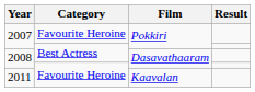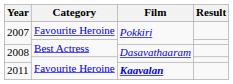 <table class="wikitable sortable">
 <tr>
 <th>Year</th>
 <th>Category</th>
 <th>Film</th>
 <th>Result</th>
 </tr>
 <tr>
 <td rowspan="2">2007</td>
 <td><a href='#'>Favourite Heroine</a></td>
 <td rowspan="2"><em><a href='#'>Pokkiri</a></em></td>
 <td></td>
 </tr>
 <tr>
 <td rowspan="2"><a href='#'>Best Actress</a></td>
 <td></td>
 </tr>
 <tr>
 <td rowspan="2">2008</td>
 <td rowspan="2"><em><a href='#'>Dasavathaaram</a></em></td>
 <td></td>
 </tr>
 <tr>
 <td rowspan="2"><a href='#'>Favourite Heroine</a></td>
 <td></td>
 </tr>
 <tr>
 <td>2011</td>
-<td><em><a href='#'>Kaavalan</a></em></td>
+<td><strong><em><a href='#'>Kaavalan</a></em></strong></td>
 <td></td>
 </tr>
 </table>
